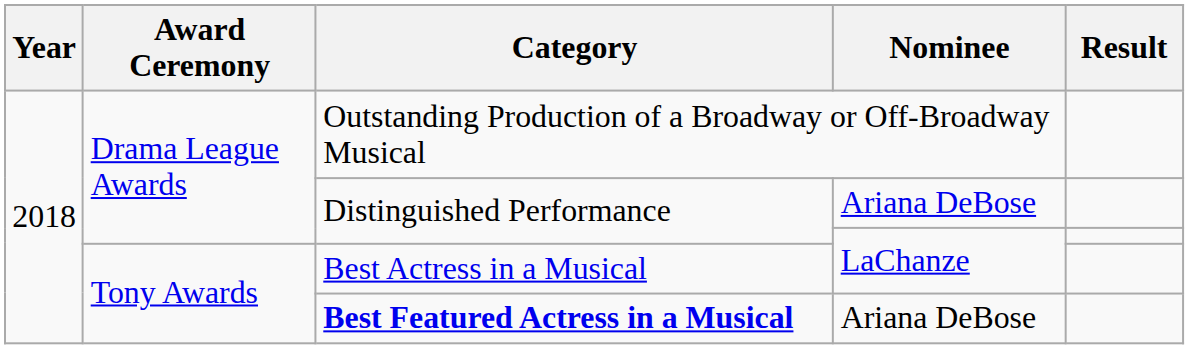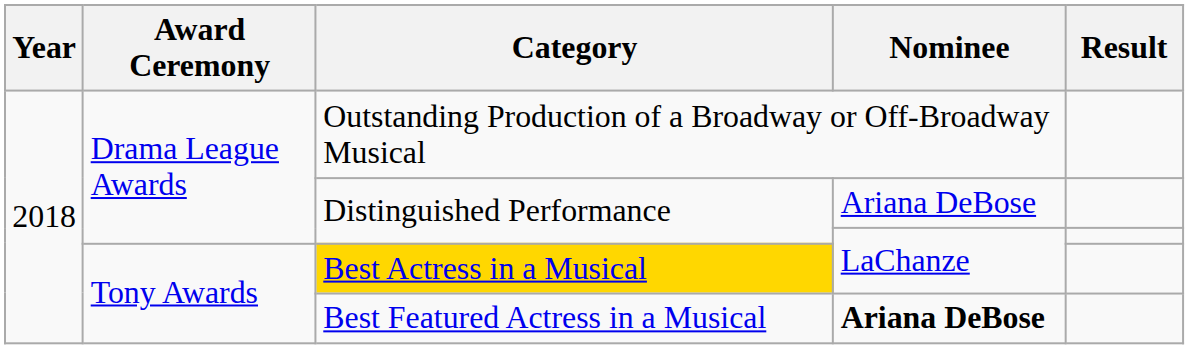 <table class="wikitable" width="95%">
 <tr>
 <th width="5%">Year</th>
 <th width="20%">Award Ceremony</th>
 <th width="45%">Category</th>
 <th width="20%">Nominee</th>
 <th width="10%">Result</th>
 </tr>
 <tr>
 <td rowspan="5" align="center">2018</td>
 <td rowspan="3"><a href='#'>Drama League Awards</a></td>
 <td colspan="2">Outstanding Production of a Broadway or Off-Broadway Musical</td>
 <td></td>
 </tr>
 <tr>
 <td rowspan="2">Distinguished Performance</td>
 <td><a href='#'>Ariana DeBose</a></td>
 <td></td>
 </tr>
 <tr>
 <td rowspan="2"><a href='#'>LaChanze</a></td>
 <td></td>
 </tr>
 <tr>
 <td rowspan="2"><a href='#'>Tony Awards</a></td>
-<td><a href='#'>Best Actress in a Musical</a></td>
+<td style="background: gold;"><a href='#'>Best Actress in a Musical</a></td>
 <td></td>
 </tr>
 <tr>
-<td><strong><a href='#'>Best Featured Actress in a Musical</a></strong></td>
-<td>Ariana DeBose</td>
+<td><a href='#'>Best Featured Actress in a Musical</a></td>
+<td><strong>Ariana DeBose</strong></td>
 <td></td>
 </tr>
 </table>
